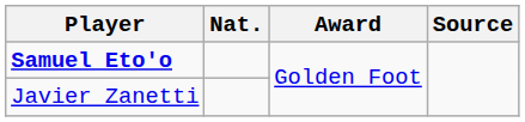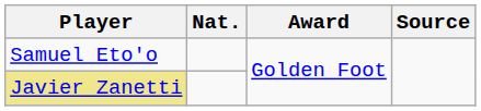 <table class="wikitable">
 <tr>
 <th>Player</th>
 <th>Nat.</th>
 <th>Award</th>
 <th>Source</th>
 </tr>
 <tr>
-<td><strong><a href='#'>Samuel Eto'o</a></strong></td>
+<td><a href='#'>Samuel Eto'o</a></td>
 <td></td>
 <td rowspan="2"><a href='#'>Golden Foot</a></td>
 <td rowspan="2"> </td>
 </tr>
 <tr>
-<td><a href='#'>Javier Zanetti</a></td>
+<td style="background: khaki;"><a href='#'>Javier Zanetti</a></td>
 <td></td>
 </tr>
 </table>
